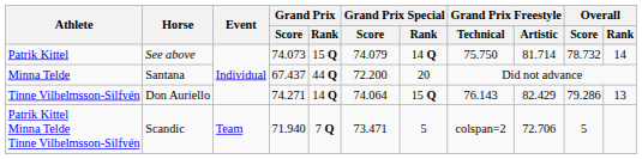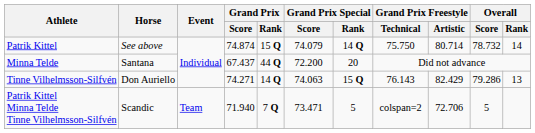 <table class=wikitable style="font-size:90%">
 <tr>
 <th rowspan="2">Athlete</th>
 <th rowspan="2">Horse</th>
 <th rowspan="2">Event</th>
 <th colspan="2">Grand Prix</th>
 <th colspan="2">Grand Prix Special</th>
 <th colspan="2">Grand Prix Freestyle</th>
 <th colspan="2">Overall</th>
 </tr>
 <tr style="font-size:95%">
 <th>Score</th>
 <th>Rank</th>
 <th>Score</th>
 <th>Rank</th>
 <th>Technical</th>
 <th>Artistic</th>
 <th>Score</th>
 <th>Rank</th>
 </tr>
 <tr align=center>
 <td align=left><a href='#'>Patrik Kittel</a></td>
 <td align=left><em>See above</em></td>
 <td align=left rowspan=3><a href='#'>Individual</a></td>
-<td>74.073</td>
+<td>74.874</td>
 <td>15 <strong>Q</strong></td>
 <td>74.079</td>
 <td>14 <strong>Q</strong></td>
 <td>75.750</td>
-<td>81.714</td>
+<td>80.714</td>
 <td>78.732</td>
 <td>14</td>
 </tr>
 <tr align=center>
 <td align=left><a href='#'>Minna Telde</a></td>
 <td align=left>Santana</td>
 <td>67.437</td>
 <td>44 <strong>Q</strong></td>
 <td>72.200</td>
 <td>20</td>
 <td colspan=4>Did not advance</td>
 </tr>
 <tr align=center>
 <td align=left><a href='#'>Tinne Vilhelmsson-Silfvén</a></td>
 <td align=left>Don Auriello</td>
 <td>74.271</td>
 <td>14 <strong>Q</strong></td>
-<td>74.064</td>
+<td>74.063</td>
 <td>15 <strong>Q</strong></td>
 <td>76.143</td>
 <td>82.429</td>
 <td>79.286</td>
 <td>13</td>
 </tr>
 <tr align=center>
 <td align=left><a href='#'>Patrik Kittel</a><br><a href='#'>Minna Telde</a><br><a href='#'>Tinne Vilhelmsson-Silfvén</a></td>
 <td align=left>Scandic</td>
 <td align=left><a href='#'>Team</a></td>
 <td>71.940</td>
 <td>7 <strong>Q</strong></td>
 <td>73.471</td>
 <td>5</td>
 <td>colspan=2 </td>
 <td>72.706</td>
 <td>5</td>
 </tr>
 </table>
